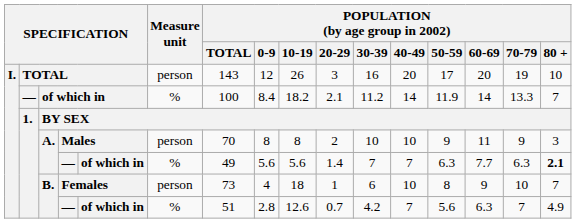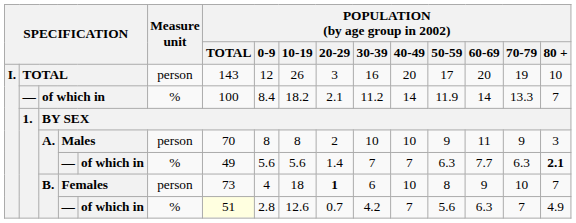 <table class="wikitable" style="font-size:85%; text-align:center">
 <tr>
 <th rowspan="2" colspan="5">SPECIFICATION</th>
 <th rowspan="2">Measure<br> unit</th>
 <th colspan="10" rowspan="1">POPULATION<br> (by age group in 2002)</th>
 </tr>
 <tr>
 <th>TOTAL</th>
 <th>0-9</th>
 <th>10-19</th>
 <th>20-29</th>
 <th>30-39</th>
 <th>40-49</th>
 <th>50-59</th>
 <th>60-69</th>
 <th>70-79</th>
 <th>80 +</th>
 </tr>
 <tr>
 <th style="text-align:left" valign="top" rowspan="7">I.</th>
 <th style="text-align:left" colspan="4">TOTAL</th>
 <td>person</td>
 <td>143</td>
 <td>12</td>
 <td>26</td>
 <td>3</td>
 <td>16</td>
 <td>20</td>
 <td>17</td>
 <td>20</td>
 <td>19</td>
 <td>10</td>
 </tr>
 <tr>
 <th style="text-align:left" valign="top">—</th>
 <th style="text-align:left" colspan="3">of which in</th>
 <td>%</td>
 <td>100</td>
 <td>8.4</td>
 <td>18.2</td>
 <td>2.1</td>
 <td>11.2</td>
 <td>14</td>
 <td>11.9</td>
 <td>14</td>
 <td>13.3</td>
 <td>7</td>
 </tr>
 <tr>
 <th style="text-align:left" valign="top" rowspan="5">1.</th>
 <th style="text-align:left" colspan="14">BY SEX</th>
 </tr>
 <tr>
 <th style="text-align:left" valign="top" rowspan="2">A.</th>
 <th style="text-align:left" colspan="2">Males</th>
 <td>person</td>
 <td>70</td>
 <td>8</td>
 <td>8</td>
 <td>2</td>
 <td>10</td>
 <td>10</td>
 <td>9</td>
 <td>11</td>
 <td>9</td>
 <td>3</td>
 </tr>
 <tr>
 <th style="text-align:left" valign="top">—</th>
 <th style="text-align:left" colspan="1">of which in</th>
 <td>%</td>
 <td>49</td>
 <td>5.6</td>
 <td>5.6</td>
 <td>1.4</td>
 <td>7</td>
 <td>7</td>
 <td>6.3</td>
 <td>7.7</td>
 <td>6.3</td>
 <td><strong>2.1</strong></td>
 </tr>
 <tr>
 <th style="text-align:left" valign="top" rowspan="2">B.</th>
 <th style="text-align:left" colspan="2">Females</th>
 <td>person</td>
 <td>73</td>
 <td>4</td>
 <td>18</td>
-<td>1</td>
+<td><strong>1</strong></td>
 <td>6</td>
 <td>10</td>
 <td>8</td>
 <td>9</td>
 <td>10</td>
 <td>7</td>
 </tr>
 <tr>
 <th style="text-align:left" valign="top">—</th>
 <th style="text-align:left" colspan="1">of which in</th>
 <td>%</td>
-<td>51</td>
+<td style="background: lightyellow;">51</td>
 <td>2.8</td>
 <td>12.6</td>
 <td>0.7</td>
 <td>4.2</td>
 <td>7</td>
 <td>5.6</td>
 <td>6.3</td>
 <td>7</td>
 <td>4.9</td>
 </tr>
 </table>
